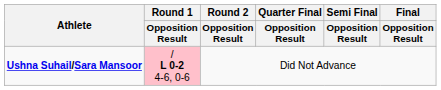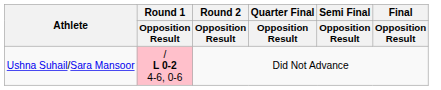 <table class=wikitable style="text-align:center; font-size:90%">
 <tr>
 <th rowspan=2>Athlete</th>
 <th>Round 1</th>
 <th>Round 2</th>
 <th>Quarter Final</th>
 <th>Semi Final</th>
 <th>Final</th>
 </tr>
 <tr style="font-size:95%">
 <th>Opposition<br>Result</th>
 <th>Opposition<br>Result</th>
 <th>Opposition<br>Result</th>
 <th>Opposition<br>Result</th>
 <th>Opposition<br>Result</th>
 </tr>
 <tr align=center>
-<td><strong><a href='#'>Ushna Suhail</a>/<a href='#'>Sara Mansoor</a></strong></td>
+<td><a href='#'>Ushna Suhail</a>/<a href='#'>Sara Mansoor</a></td>
 <td style="background:pink;">/<br><strong>L 0-2</strong><br>4-6, 0-6</td>
 <td colspan=4>Did Not Advance</td>
 </tr>
 </table>
